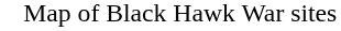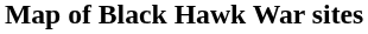 <table style="text-align:center; float:right; clear:right;">
 <tr>
 <td></td>
 </tr>
 <tr>
-<td>Map of Black Hawk War sites<br>     <br></td>
+<td><strong>Map of Black Hawk War sites<br>     <br></strong></td>
 </tr>
 </table>
